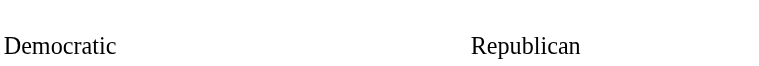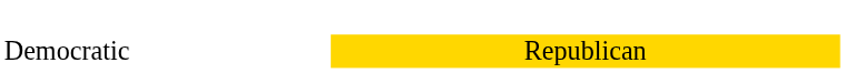 <table style="width:70%; text-align:center">
 <tr style="color:white">
 <td style="background:"><strong>47</strong></td>
 <td style="background:"><strong>53</strong></td>
 </tr>
 <tr>
 <td>Democratic</td>
-<td>Republican</td>
+<td style="background: gold;">Republican</td>
 </tr>
 </table>
